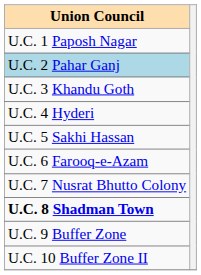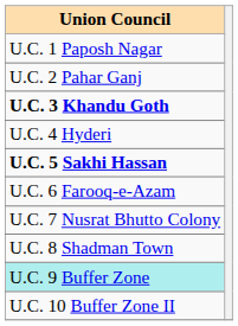 <table class="sortable wikitable" align="left">
 <tr>
 <th style="background:#ffdead;"><strong>Union Council</strong></th>
 <th rowspan=11 style="border-bottom:1px solid grey;" valign="top" class="unsortable"><br><br></th>
 </tr>
 <tr>
 <td style="border-bottom:1px solid grey;">U.C. 1 <a href='#'>Paposh Nagar</a></td>
 </tr>
 <tr>
-<td style="background: lightblue; border-bottom:1px solid grey;">U.C. 2 <a href='#'>Pahar Ganj</a></td>
+<td style="border-bottom:1px solid grey;">U.C. 2 <a href='#'>Pahar Ganj</a></td>
 </tr>
 <tr>
-<td style="border-bottom:1px solid grey;">U.C. 3 <a href='#'>Khandu Goth</a></td>
+<td style="border-bottom:1px solid grey;"><strong>U.C. 3 <a href='#'>Khandu Goth</a></strong></td>
 </tr>
 <tr>
 <td style="border-bottom:1px solid grey;">U.C. 4 <a href='#'>Hyderi</a></td>
 </tr>
 <tr>
-<td style="border-bottom:1px solid grey;">U.C. 5 <a href='#'>Sakhi Hassan</a></td>
+<td style="border-bottom:1px solid grey;"><strong>U.C. 5 <a href='#'>Sakhi Hassan</a></strong></td>
 </tr>
 <tr>
 <td style="border-bottom:1px solid grey;">U.C. 6 <a href='#'>Farooq-e-Azam</a></td>
 </tr>
 <tr>
 <td style="border-bottom:1px solid grey;">U.C. 7 <a href='#'>Nusrat Bhutto Colony</a></td>
 </tr>
 <tr>
-<td style="border-bottom:1px solid grey;"><strong>U.C. 8 <a href='#'>Shadman Town</a></strong></td>
+<td style="border-bottom:1px solid grey;">U.C. 8 <a href='#'>Shadman Town</a></td>
 </tr>
 <tr>
-<td style="border-bottom:1px solid grey;">U.C. 9 <a href='#'>Buffer Zone</a></td>
+<td style="background: paleturquoise; border-bottom:1px solid grey;">U.C. 9 <a href='#'>Buffer Zone</a></td>
 </tr>
 <tr>
 <td style="border-bottom:1px solid grey;">U.C. 10 <a href='#'>Buffer Zone II</a></td>
 </tr>
 <tr>
 </tr>
 </table>
